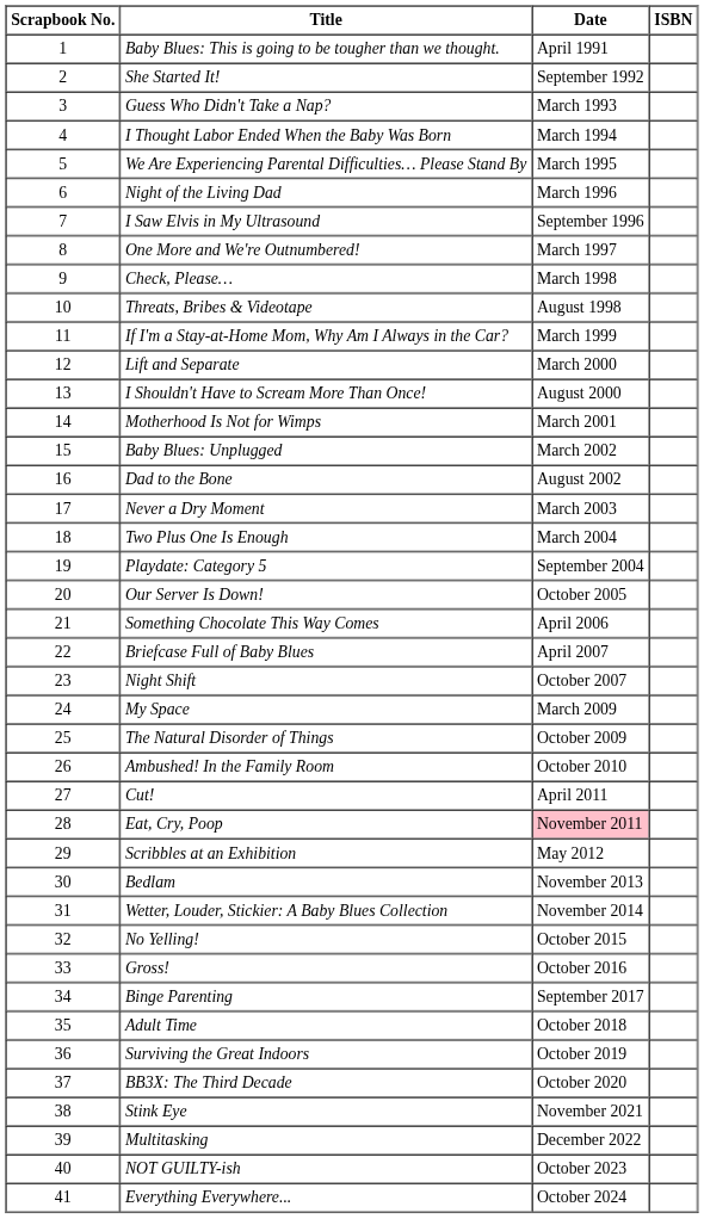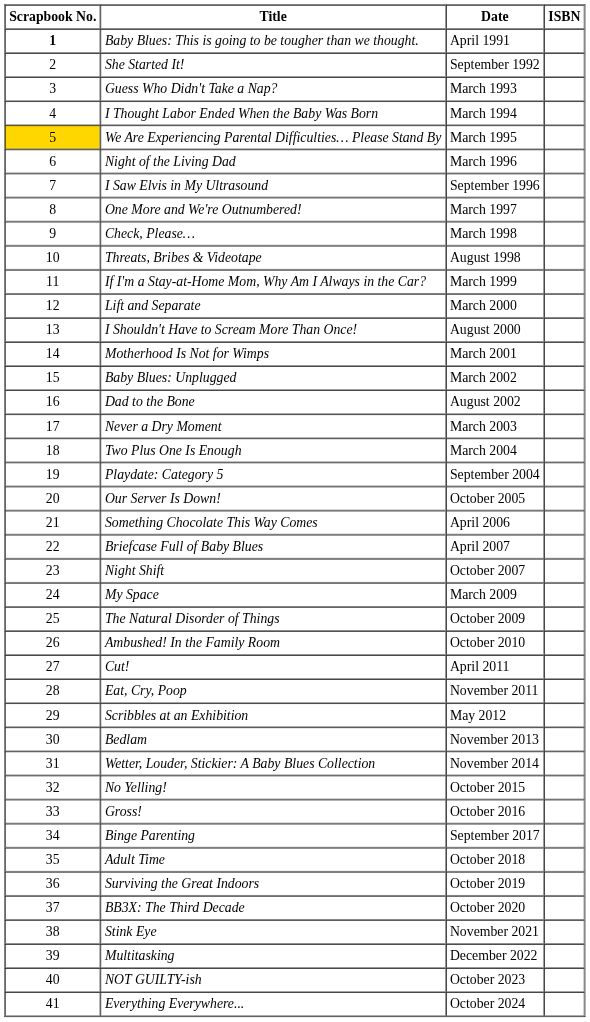 <table border="1" cellpadding="4" cellspacing="0">
 <tr>
 <th>Scrapbook No.</th>
 <th>Title</th>
 <th>Date</th>
 <th>ISBN</th>
 </tr>
 <tr>
-<td style="text-align:center">1</td>
+<td style="text-align:center"><strong>1</strong></td>
 <td><em>Baby Blues: This is going to be tougher than we thought.</em></td>
 <td>April 1991</td>
 <td></td>
 </tr>
 <tr>
 <td style="text-align:center">2</td>
 <td><em>She Started It!</em></td>
 <td>September 1992</td>
 <td></td>
 </tr>
 <tr>
 <td style="text-align:center">3</td>
 <td><em>Guess Who Didn't Take a Nap?</em></td>
 <td>March 1993</td>
 <td></td>
 </tr>
 <tr>
 <td style="text-align:center">4</td>
 <td><em>I Thought Labor Ended When the Baby Was Born</em></td>
 <td>March 1994</td>
 <td></td>
 </tr>
 <tr>
-<td style="text-align:center">5</td>
+<td style="background: gold; text-align:center">5</td>
 <td><em>We Are Experiencing Parental Difficulties… Please Stand By</em></td>
 <td>March 1995</td>
 <td></td>
 </tr>
 <tr>
 <td style="text-align:center">6</td>
 <td><em>Night of the Living Dad</em></td>
 <td>March 1996</td>
 <td></td>
 </tr>
 <tr>
 <td style="text-align:center">7</td>
 <td><em>I Saw Elvis in My Ultrasound</em></td>
 <td>September 1996</td>
 <td></td>
 </tr>
 <tr>
 <td style="text-align:center">8</td>
 <td><em>One More and We're Outnumbered!</em></td>
 <td>March 1997</td>
 <td></td>
 </tr>
 <tr>
 <td style="text-align:center">9</td>
 <td><em>Check, Please…</em></td>
 <td>March 1998</td>
 <td></td>
 </tr>
 <tr>
 <td style="text-align:center">10</td>
 <td><em>Threats, Bribes & Videotape</em></td>
 <td>August 1998</td>
 <td></td>
 </tr>
 <tr>
 <td style="text-align:center">11</td>
 <td><em>If I'm a Stay-at-Home Mom, Why Am I Always in the Car?</em></td>
 <td>March 1999</td>
 <td></td>
 </tr>
 <tr>
 <td style="text-align:center">12</td>
 <td><em>Lift and Separate</em></td>
 <td>March 2000</td>
 <td></td>
 </tr>
 <tr>
 <td style="text-align:center">13</td>
 <td><em>I Shouldn't Have to Scream More Than Once!</em></td>
 <td>August 2000</td>
 <td></td>
 </tr>
 <tr>
 <td style="text-align:center">14</td>
 <td><em>Motherhood Is Not for Wimps</em></td>
 <td>March 2001</td>
 <td></td>
 </tr>
 <tr>
 <td style="text-align:center">15</td>
 <td><em>Baby Blues: Unplugged</em></td>
 <td>March 2002</td>
 <td></td>
 </tr>
 <tr>
 <td style="text-align:center">16</td>
 <td><em>Dad to the Bone</em></td>
 <td>August 2002</td>
 <td></td>
 </tr>
 <tr>
 <td style="text-align:center">17</td>
 <td><em>Never a Dry Moment</em></td>
 <td>March 2003</td>
 <td></td>
 </tr>
 <tr>
 <td style="text-align:center">18</td>
 <td><em>Two Plus One Is Enough</em></td>
 <td>March 2004</td>
 <td></td>
 </tr>
 <tr>
 <td style="text-align:center">19</td>
 <td><em>Playdate: Category 5</em></td>
 <td>September 2004</td>
 <td></td>
 </tr>
 <tr>
 <td style="text-align:center">20</td>
 <td><em>Our Server Is Down!</em></td>
 <td>October 2005</td>
 <td></td>
 </tr>
 <tr>
 <td style="text-align:center">21</td>
 <td><em>Something Chocolate This Way Comes</em></td>
 <td>April 2006</td>
 <td></td>
 </tr>
 <tr>
 <td style="text-align:center">22</td>
 <td><em>Briefcase Full of Baby Blues</em></td>
 <td>April 2007</td>
 <td></td>
 </tr>
 <tr>
 <td style="text-align:center">23</td>
 <td><em>Night Shift</em></td>
 <td>October 2007</td>
 <td></td>
 </tr>
 <tr>
 <td style="text-align:center">24</td>
 <td><em>My Space</em></td>
 <td>March 2009</td>
 <td></td>
 </tr>
 <tr>
 <td style="text-align:center">25</td>
 <td><em>The Natural Disorder of Things</em></td>
 <td>October 2009</td>
 <td></td>
 </tr>
 <tr>
 <td style="text-align:center">26</td>
 <td><em>Ambushed! In the Family Room</em></td>
 <td>October 2010</td>
 <td></td>
 </tr>
 <tr>
 <td style="text-align:center">27</td>
 <td><em>Cut!</em></td>
 <td>April 2011</td>
 <td></td>
 </tr>
 <tr>
 <td style="text-align:center">28</td>
 <td><em>Eat, Cry, Poop</em></td>
-<td style="background: pink;">November 2011</td>
+<td>November 2011</td>
 <td></td>
 </tr>
 <tr>
 <td style="text-align:center">29</td>
 <td><em>Scribbles at an Exhibition</em></td>
 <td>May 2012</td>
 <td></td>
 </tr>
 <tr>
 <td style="text-align:center">30</td>
 <td><em>Bedlam</em></td>
 <td>November 2013</td>
 <td></td>
 </tr>
 <tr>
 <td style="text-align:center">31</td>
 <td><em>Wetter, Louder, Stickier: A Baby Blues Collection</em></td>
 <td>November 2014</td>
 <td></td>
 </tr>
 <tr>
 <td style="text-align:center">32</td>
 <td><em>No Yelling!</em></td>
 <td>October 2015</td>
 <td></td>
 </tr>
 <tr>
 <td style="text-align:center">33</td>
 <td><em>Gross!</em></td>
 <td>October 2016</td>
 <td></td>
 </tr>
 <tr>
 <td style="text-align:center">34</td>
 <td><em>Binge Parenting</em></td>
 <td>September 2017</td>
 <td></td>
 </tr>
 <tr>
 <td style="text-align:center">35</td>
 <td><em>Adult Time</em></td>
 <td>October 2018</td>
 <td></td>
 </tr>
 <tr>
 <td style="text-align:center">36</td>
 <td><em>Surviving the Great Indoors</em></td>
 <td>October 2019</td>
 <td></td>
 </tr>
 <tr>
 <td style="text-align:center">37</td>
 <td><em>BB3X: The Third Decade</em></td>
 <td>October 2020</td>
 <td></td>
 </tr>
 <tr>
 <td style="text-align:center">38</td>
 <td><em>Stink Eye</em></td>
 <td>November 2021</td>
 <td></td>
 </tr>
 <tr>
 <td style="text-align:center">39</td>
 <td><em>Multitasking</em></td>
 <td>December 2022</td>
 <td></td>
 </tr>
 <tr>
 <td style="text-align:center">40</td>
 <td><em>NOT GUILTY-ish</em></td>
 <td>October 2023</td>
 <td></td>
 </tr>
 <tr>
 <td style="text-align:center">41</td>
 <td><em>Everything Everywhere...</em></td>
 <td>October 2024</td>
 <td></td>
 </tr>
 </table>
